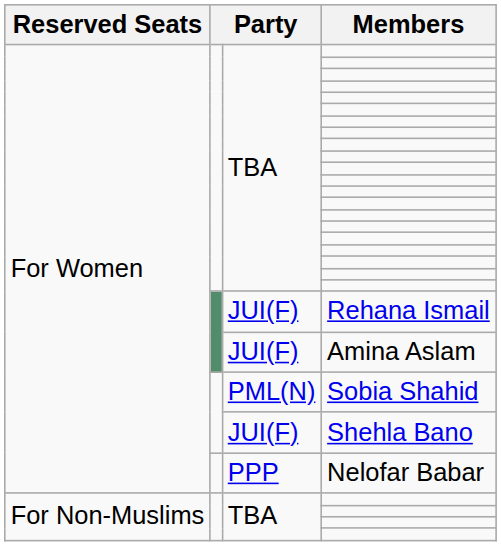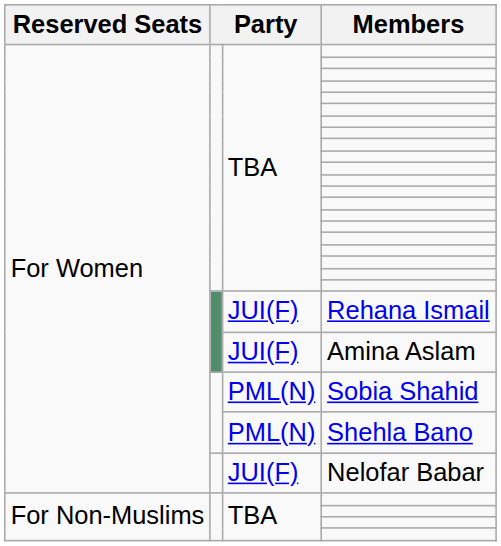 <table class="wikitable">
 <tr>
 <th>Reserved Seats</th>
 <th colspan="2">Party</th>
 <th>Members</th>
 </tr>
 <tr>
 <td rowspan="26">For Women</td>
 <td rowspan="21"></td>
 <td rowspan="21">TBA</td>
 <td></td>
 </tr>
 <tr>
 <td></td>
 </tr>
 <tr>
 <td></td>
 </tr>
 <tr>
 <td></td>
 </tr>
 <tr>
 <td></td>
 </tr>
 <tr>
 <td></td>
 </tr>
 <tr>
 <td></td>
 </tr>
 <tr>
 <td></td>
 </tr>
 <tr>
 <td></td>
 </tr>
 <tr>
 <td></td>
 </tr>
 <tr>
 <td></td>
 </tr>
 <tr>
 <td></td>
 </tr>
 <tr>
 <td></td>
 </tr>
 <tr>
 <td></td>
 </tr>
 <tr>
 <td></td>
 </tr>
 <tr>
 <td></td>
 </tr>
 <tr>
 <td></td>
 </tr>
 <tr>
 <td></td>
 </tr>
 <tr>
 <td></td>
 </tr>
 <tr>
 <td></td>
 </tr>
 <tr>
 <td></td>
 </tr>
 <tr>
 <td rowspan="2" style="background-color:#528d6b"></td>
 <td><a href='#'>JUI(F)</a></td>
 <td><a href='#'>Rehana Ismail</a></td>
 </tr>
 <tr>
 <td><a href='#'>JUI(F)</a></td>
 <td>Amina Aslam</td>
 </tr>
 <tr>
 <td rowspan="2" style="background-color:"></td>
 <td><a href='#'>PML(N)</a></td>
 <td><a href='#'>Sobia Shahid</a></td>
 </tr>
 <tr>
-<td><a href='#'>JUI(F)</a></td>
+<td><a href='#'>PML(N)</a></td>
 <td><a href='#'>Shehla Bano</a></td>
 </tr>
 <tr>
 <td style="background-color:"></td>
-<td><a href='#'>PPP</a></td>
+<td><a href='#'>JUI(F)</a></td>
 <td>Nelofar Babar</td>
 </tr>
 <tr>
 <td rowspan="4">For Non-Muslims</td>
 <td rowspan="4"></td>
 <td rowspan="4">TBA</td>
 <td></td>
 </tr>
 <tr>
 <td></td>
 </tr>
 <tr>
 <td></td>
 </tr>
 <tr>
 <td></td>
 </tr>
 </table>
